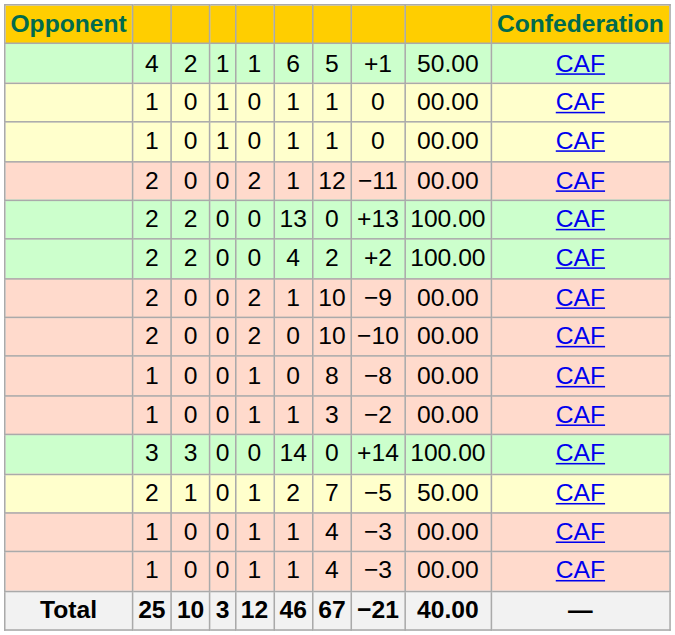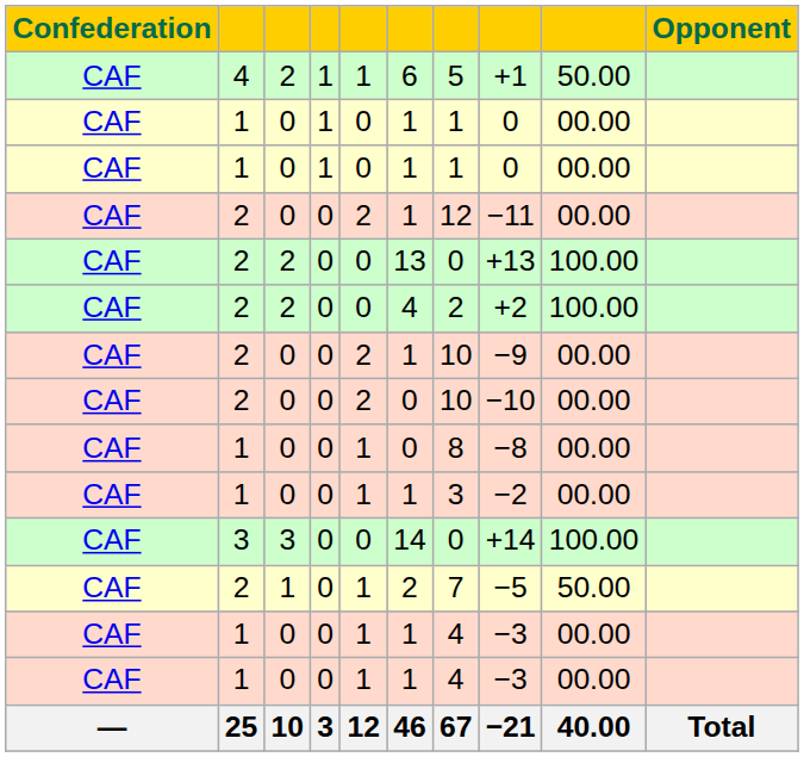 <table class="wikitable sortable" style="text-align:center;">
 <tr style="color:#006A4E">
-<th style="background-color:#FFCE00;#006A4E">Opponent</th>
+<th style="background-color:#FFCE00;color:#006A4E">Confederation</th>
 <th style="background-color:#FFCE00;"></th>
 <th style="background-color:#FFCE00;"></th>
 <th style="background-color:#FFCE00;"></th>
 <th style="background-color:#FFCE00;"></th>
 <th style="background-color:#FFCE00;"></th>
 <th style="background-color:#FFCE00;"></th>
 <th style="background-color:#FFCE00;"></th>
 <th style="background-color:#FFCE00;"></th>
-<th style="background-color:#FFCE00;color:#006A4E">Confederation</th>
+<th style="background-color:#FFCE00;#006A4E">Opponent</th>
 </tr>
 <tr bgcolor=CCFFCC>
-<td style="text-align:left;"></td>
+<td><a href='#'>CAF</a></td>
 <td>4</td>
 <td>2</td>
 <td>1</td>
 <td>1</td>
 <td>6</td>
 <td>5</td>
 <td>+1</td>
 <td>50.00</td>
-<td><a href='#'>CAF</a></td>
+<td style="text-align:left;"></td>
 </tr>
 <tr bgcolor=FFFFCC>
-<td style="text-align:left;"></td>
+<td><a href='#'>CAF</a></td>
 <td>1</td>
 <td>0</td>
 <td>1</td>
 <td>0</td>
 <td>1</td>
 <td>1</td>
 <td>0</td>
 <td>00.00</td>
-<td><a href='#'>CAF</a></td>
+<td style="text-align:left;"></td>
 </tr>
 <tr bgcolor=FFFFCC>
-<td style="text-align:left;"></td>
+<td><a href='#'>CAF</a></td>
 <td>1</td>
 <td>0</td>
 <td>1</td>
 <td>0</td>
 <td>1</td>
 <td>1</td>
 <td>0</td>
 <td>00.00</td>
-<td><a href='#'>CAF</a></td>
+<td style="text-align:left;"></td>
 </tr>
 <tr bgcolor=FFDACC>
-<td style="text-align:left;"></td>
+<td><a href='#'>CAF</a></td>
 <td>2</td>
 <td>0</td>
 <td>0</td>
 <td>2</td>
 <td>1</td>
 <td>12</td>
 <td>−11</td>
 <td>00.00</td>
-<td><a href='#'>CAF</a></td>
+<td style="text-align:left;"></td>
 </tr>
 <tr bgcolor=CCFFCC>
-<td style="text-align:left;"></td>
+<td><a href='#'>CAF</a></td>
 <td>2</td>
 <td>2</td>
 <td>0</td>
 <td>0</td>
 <td>13</td>
 <td>0</td>
 <td>+13</td>
 <td>100.00</td>
-<td><a href='#'>CAF</a></td>
+<td style="text-align:left;"></td>
 </tr>
 <tr bgcolor=CCFFCC>
-<td style="text-align:left;"></td>
+<td><a href='#'>CAF</a></td>
 <td>2</td>
 <td>2</td>
 <td>0</td>
 <td>0</td>
 <td>4</td>
 <td>2</td>
 <td>+2</td>
 <td>100.00</td>
-<td><a href='#'>CAF</a></td>
+<td style="text-align:left;"></td>
 </tr>
 <tr bgcolor=FFDACC>
-<td style="text-align:left;"></td>
+<td><a href='#'>CAF</a></td>
 <td>2</td>
 <td>0</td>
 <td>0</td>
 <td>2</td>
 <td>1</td>
 <td>10</td>
 <td>−9</td>
 <td>00.00</td>
-<td><a href='#'>CAF</a></td>
+<td style="text-align:left;"></td>
 </tr>
 <tr bgcolor=FFDACC>
-<td style="text-align:left;"></td>
+<td><a href='#'>CAF</a></td>
 <td>2</td>
 <td>0</td>
 <td>0</td>
 <td>2</td>
 <td>0</td>
 <td>10</td>
 <td>−10</td>
 <td>00.00</td>
-<td><a href='#'>CAF</a></td>
+<td style="text-align:left;"></td>
 </tr>
 <tr bgcolor=FFDACC>
-<td style="text-align:left;"></td>
+<td><a href='#'>CAF</a></td>
 <td>1</td>
 <td>0</td>
 <td>0</td>
 <td>1</td>
 <td>0</td>
 <td>8</td>
 <td>−8</td>
 <td>00.00</td>
-<td><a href='#'>CAF</a></td>
+<td style="text-align:left;"></td>
 </tr>
 <tr bgcolor=FFDACC>
-<td style="text-align:left;"></td>
+<td><a href='#'>CAF</a></td>
 <td>1</td>
 <td>0</td>
 <td>0</td>
 <td>1</td>
 <td>1</td>
 <td>3</td>
 <td>−2</td>
 <td>00.00</td>
-<td><a href='#'>CAF</a></td>
+<td style="text-align:left;"></td>
 </tr>
 <tr bgcolor=CCFFCC>
-<td style="text-align:left;"></td>
+<td><a href='#'>CAF</a></td>
 <td>3</td>
 <td>3</td>
 <td>0</td>
 <td>0</td>
 <td>14</td>
 <td>0</td>
 <td>+14</td>
 <td>100.00</td>
-<td><a href='#'>CAF</a></td>
+<td style="text-align:left;"></td>
 </tr>
 <tr bgcolor=FFFFCC>
-<td style="text-align:left;"></td>
+<td><a href='#'>CAF</a></td>
 <td>2</td>
 <td>1</td>
 <td>0</td>
 <td>1</td>
 <td>2</td>
 <td>7</td>
 <td>−5</td>
 <td>50.00</td>
-<td><a href='#'>CAF</a></td>
+<td style="text-align:left;"></td>
 </tr>
 <tr bgcolor=FFDACC>
-<td style="text-align:left;"></td>
+<td><a href='#'>CAF</a></td>
 <td>1</td>
 <td>0</td>
 <td>0</td>
 <td>1</td>
 <td>1</td>
 <td>4</td>
 <td>−3</td>
 <td>00.00</td>
-<td><a href='#'>CAF</a></td>
+<td style="text-align:left;"></td>
 </tr>
 <tr bgcolor=FFDACC>
-<td style="text-align:left;"></td>
+<td><a href='#'>CAF</a></td>
 <td>1</td>
 <td>0</td>
 <td>0</td>
 <td>1</td>
 <td>1</td>
 <td>4</td>
 <td>−3</td>
 <td>00.00</td>
-<td><a href='#'>CAF</a></td>
+<td style="text-align:left;"></td>
 </tr>
 <tr>
-<th>Total</th>
+<th>—</th>
 <th>25</th>
 <th>10</th>
 <th>3</th>
 <th>12</th>
 <th>46</th>
 <th>67</th>
 <th>−21</th>
 <th>40.00</th>
-<th>—</th>
+<th>Total</th>
 </tr>
 </table>
